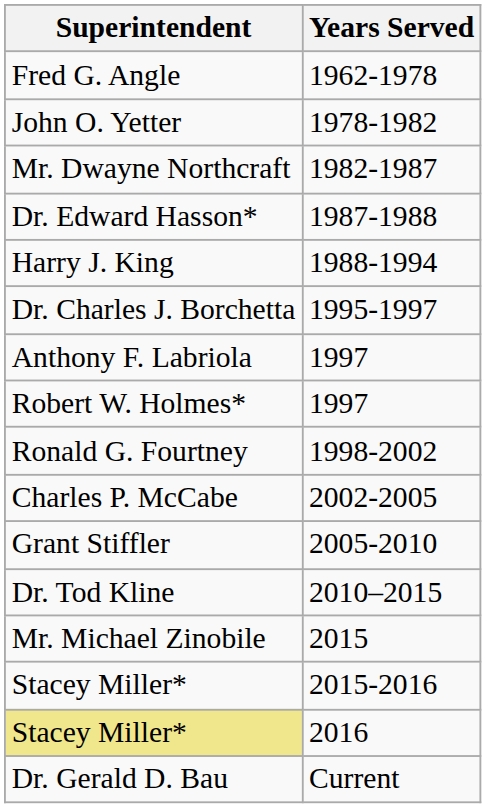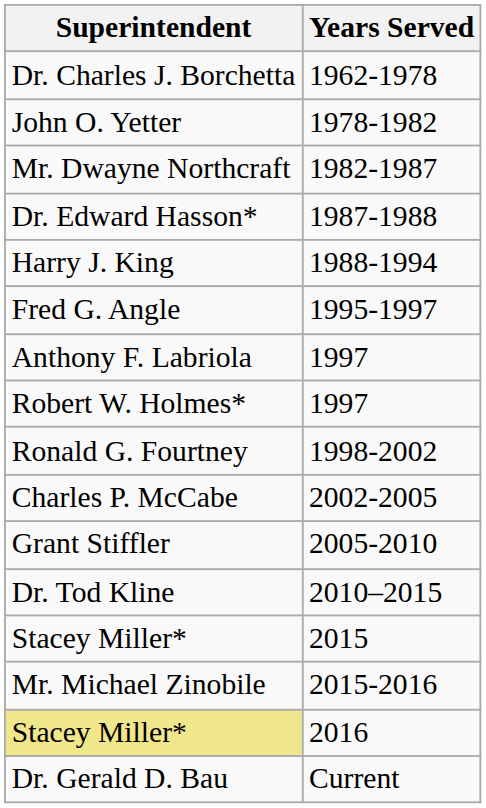 <table class="wikitable">
 <tr>
 <th>Superintendent</th>
 <th>Years Served</th>
 </tr>
 <tr>
-<td>Fred G. Angle</td>
+<td>Dr. Charles J. Borchetta</td>
 <td>1962-1978</td>
 </tr>
 <tr>
 <td>John O. Yetter</td>
 <td>1978-1982</td>
 </tr>
 <tr>
 <td>Mr. Dwayne Northcraft</td>
 <td>1982-1987</td>
 </tr>
 <tr>
 <td>Dr. Edward Hasson*</td>
 <td>1987-1988</td>
 </tr>
 <tr>
 <td>Harry J. King</td>
 <td>1988-1994</td>
 </tr>
 <tr>
-<td>Dr. Charles J. Borchetta</td>
+<td>Fred G. Angle</td>
 <td>1995-1997</td>
 </tr>
 <tr>
 <td>Anthony F. Labriola</td>
 <td>1997</td>
 </tr>
 <tr>
 <td>Robert W. Holmes*</td>
 <td>1997</td>
 </tr>
 <tr>
 <td>Ronald G. Fourtney</td>
 <td>1998-2002</td>
 </tr>
 <tr>
 <td>Charles P. McCabe</td>
 <td>2002-2005</td>
 </tr>
 <tr>
 <td>Grant Stiffler</td>
 <td>2005-2010</td>
 </tr>
 <tr>
 <td>Dr. Tod Kline</td>
 <td>2010–2015</td>
 </tr>
 <tr>
-<td>Mr. Michael Zinobile</td>
+<td>Stacey Miller*</td>
 <td>2015</td>
 </tr>
 <tr>
-<td>Stacey Miller*</td>
+<td>Mr. Michael Zinobile</td>
 <td>2015-2016</td>
 </tr>
 <tr>
 <td style="background: khaki;">Stacey Miller*</td>
 <td>2016</td>
 </tr>
 <tr>
 <td>Dr. Gerald D. Bau</td>
 <td>Current</td>
 </tr>
 </table>
